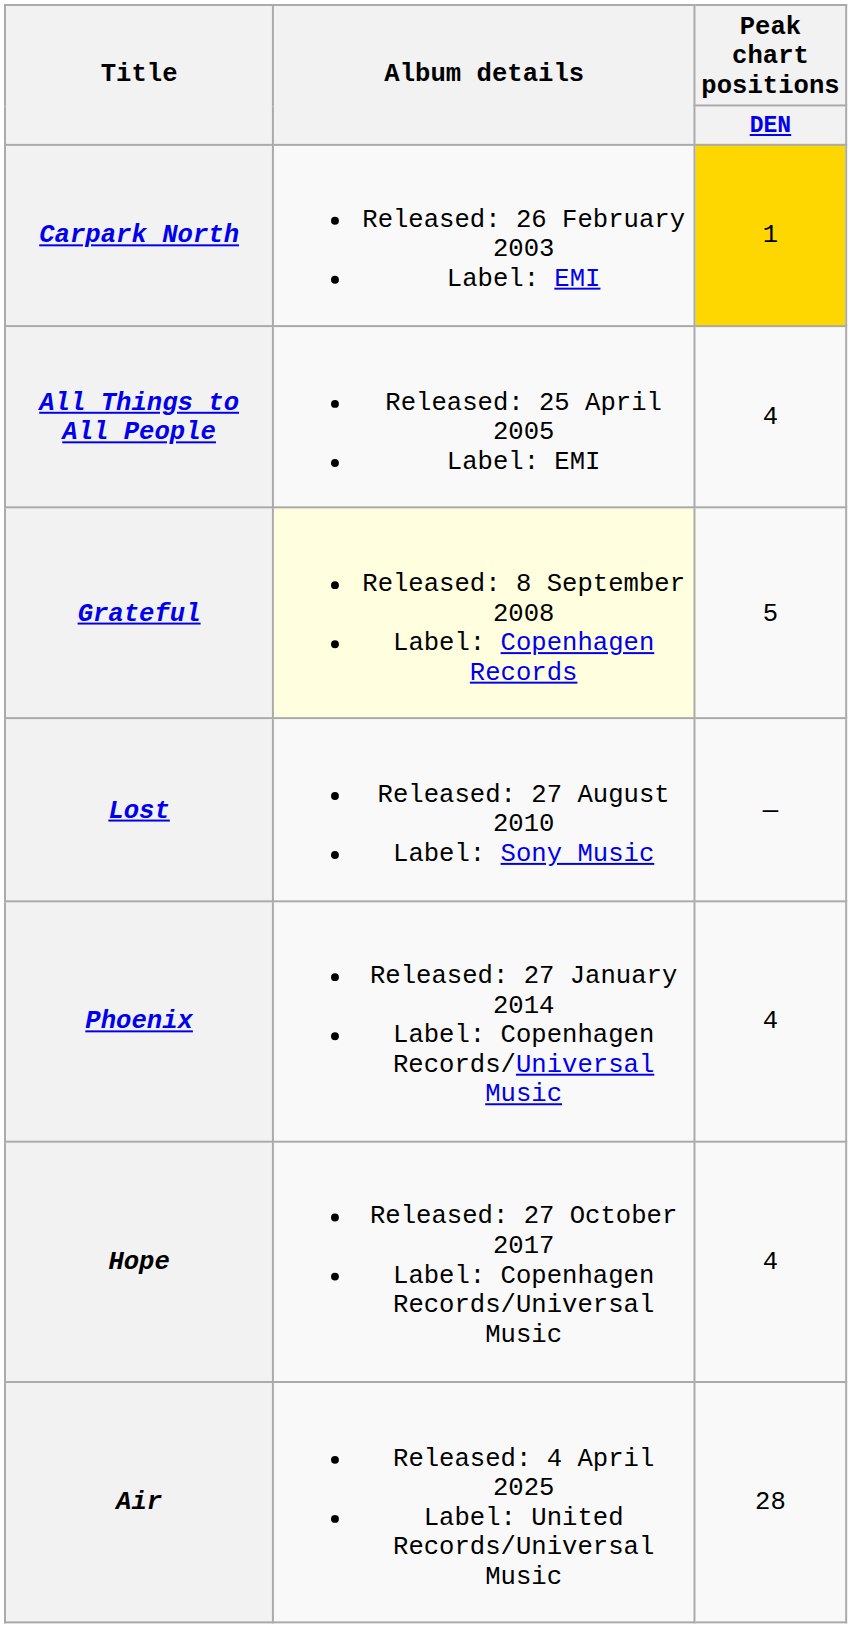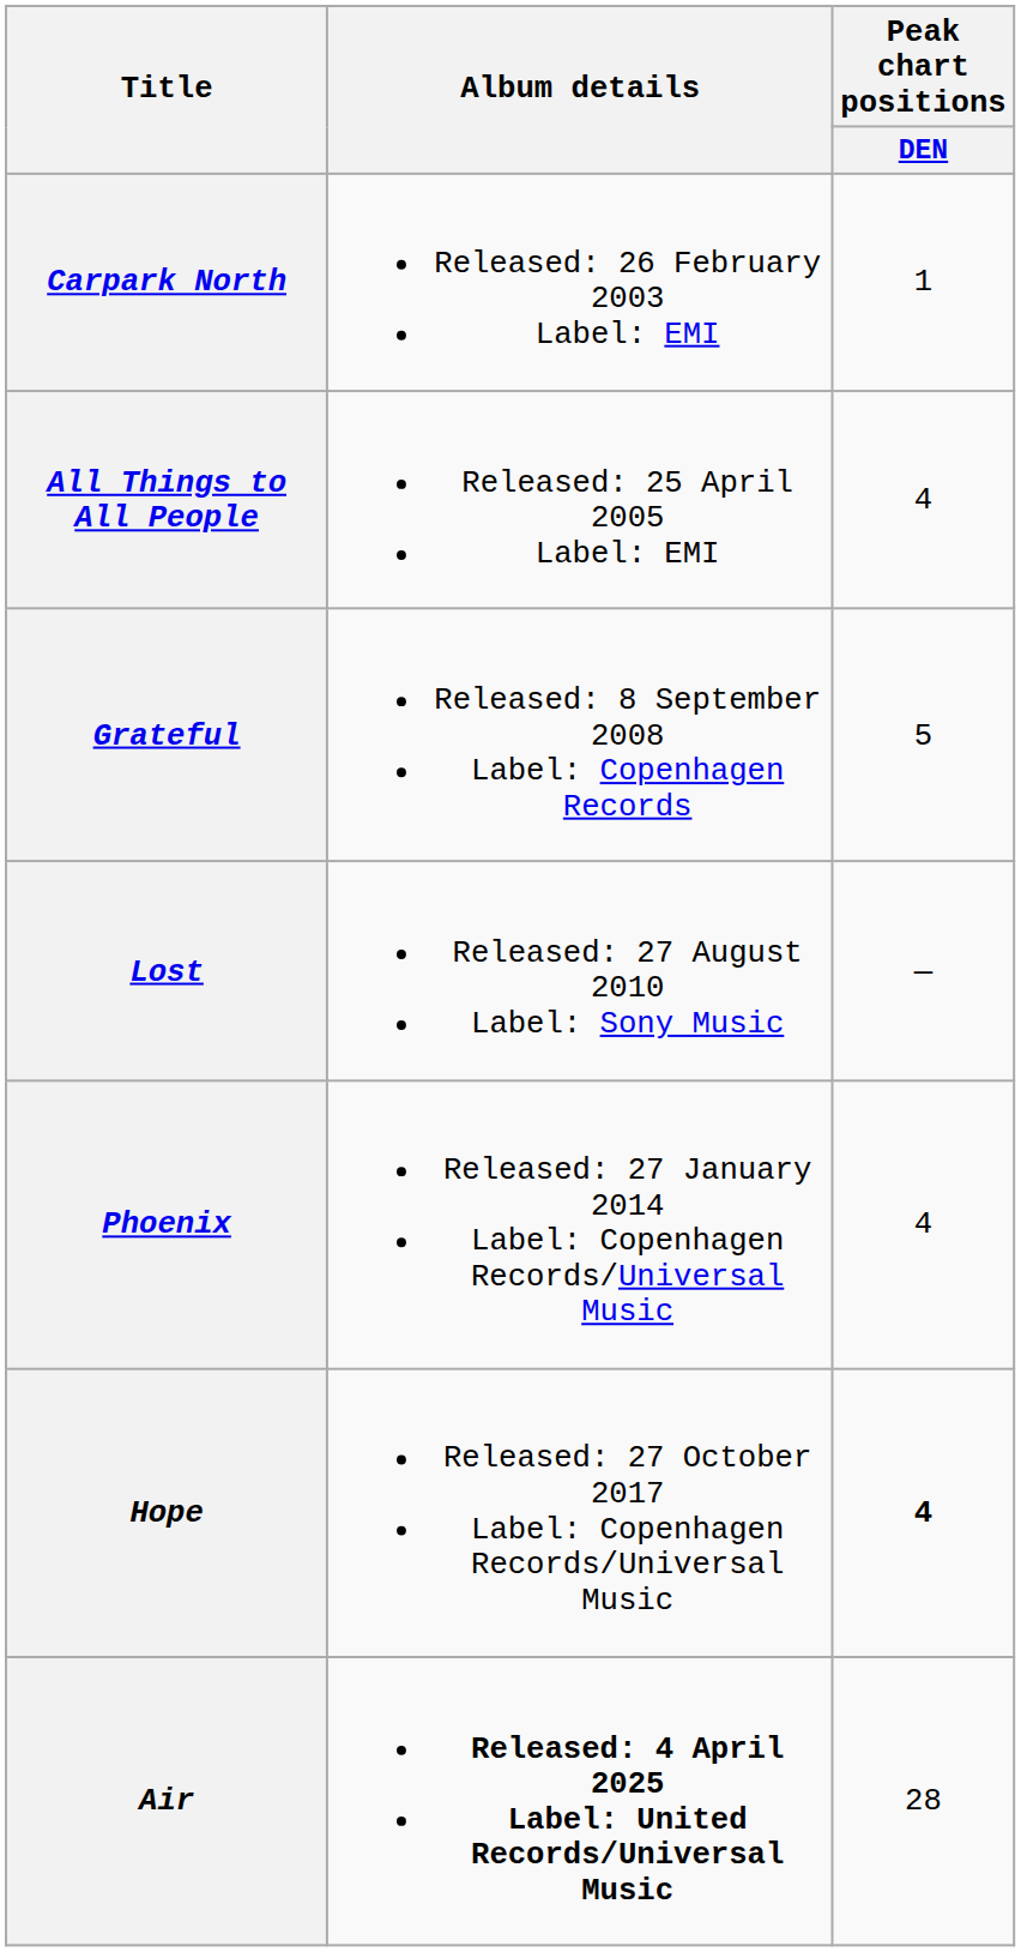 <table class="wikitable plainrowheaders" style="text-align:center;" border="1">
 <tr>
 <th scope="col" rowspan="2" style="width:10em;">Title</th>
 <th scope="col" rowspan="2" style="width:16em;">Album details</th>
 <th scope="col" colspan="1">Peak chart positions</th>
 </tr>
 <tr>
 <th scope="col" style="width:3em;font-size:90%;"><a href='#'>DEN</a><br></th>
 </tr>
 <tr>
 <th scope="row"><em><a href='#'>Carpark North</a></em></th>
 <td><br><ul><li>Released: 26 February 2003</li><li>Label: <a href='#'>EMI</a></li></ul></td>
-<td style="background: gold;">1</td>
+<td>1</td>
 </tr>
 <tr>
 <th scope="row"><em><a href='#'>All Things to All People</a></em></th>
 <td><br><ul><li>Released: 25 April 2005</li><li>Label: EMI</li></ul></td>
 <td>4</td>
 </tr>
 <tr>
 <th scope="row"><em><a href='#'>Grateful</a></em></th>
-<td style="background: lightyellow;"><br><ul><li>Released: 8 September 2008</li><li>Label: <a href='#'>Copenhagen Records</a></li></ul></td>
+<td><br><ul><li>Released: 8 September 2008</li><li>Label: <a href='#'>Copenhagen Records</a></li></ul></td>
 <td>5</td>
 </tr>
 <tr>
 <th scope="row"><em><a href='#'>Lost</a></em></th>
 <td><br><ul><li>Released: 27 August 2010</li><li>Label: <a href='#'>Sony Music</a></li></ul></td>
 <td>—</td>
 </tr>
 <tr>
 <th scope="row"><em><a href='#'>Phoenix</a></em></th>
 <td><br><ul><li>Released: 27 January 2014</li><li>Label: Copenhagen Records/<a href='#'>Universal Music</a></li></ul></td>
 <td>4</td>
 </tr>
 <tr>
 <th scope="row"><em>Hope</em></th>
 <td><br><ul><li>Released: 27 October 2017</li><li>Label: Copenhagen Records/Universal Music</li></ul></td>
-<td>4</td>
+<td><strong>4</strong></td>
 </tr>
 <tr>
 <th scope="row"><em>Air</em></th>
-<td><br><ul><li>Released: 4 April 2025</li><li>Label: United Records/Universal Music</li></ul></td>
+<td><strong><br><ul><li>Released: 4 April 2025</li><li>Label: United Records/Universal Music</li></ul></strong></td>
 <td>28<br></td>
 </tr>
 </table>
